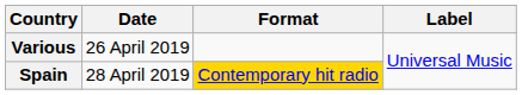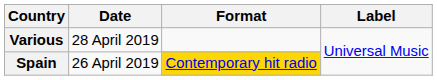 <table class="wikitable plainrowheaders">
 <tr>
 <th>Country</th>
 <th>Date</th>
 <th>Format</th>
 <th>Label</th>
 </tr>
 <tr>
 <th scope="row">Various</th>
-<td>26 April 2019</td>
+<td>28 April 2019</td>
 <td></td>
 <td rowspan="2"><a href='#'>Universal Music</a></td>
 </tr>
 <tr>
 <th scope="row">Spain</th>
-<td>28 April 2019</td>
+<td>26 April 2019</td>
 <td style="background: gold;"><a href='#'>Contemporary hit radio</a></td>
 </tr>
 </table>
